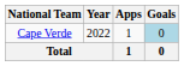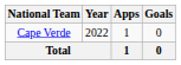 <table class="wikitable"style="text-align:center">
 <tr>
 <th>National Team</th>
 <th>Year</th>
 <th>Apps</th>
 <th>Goals</th>
 </tr>
 <tr>
 <td><a href='#'>Cape Verde</a></td>
 <td>2022</td>
 <td>1</td>
-<td style="background: lightblue;">0</td>
+<td>0</td>
 </tr>
 <tr>
 <th colspan="2">Total</th>
 <th>1</th>
 <th>0</th>
 </tr>
 </table>
